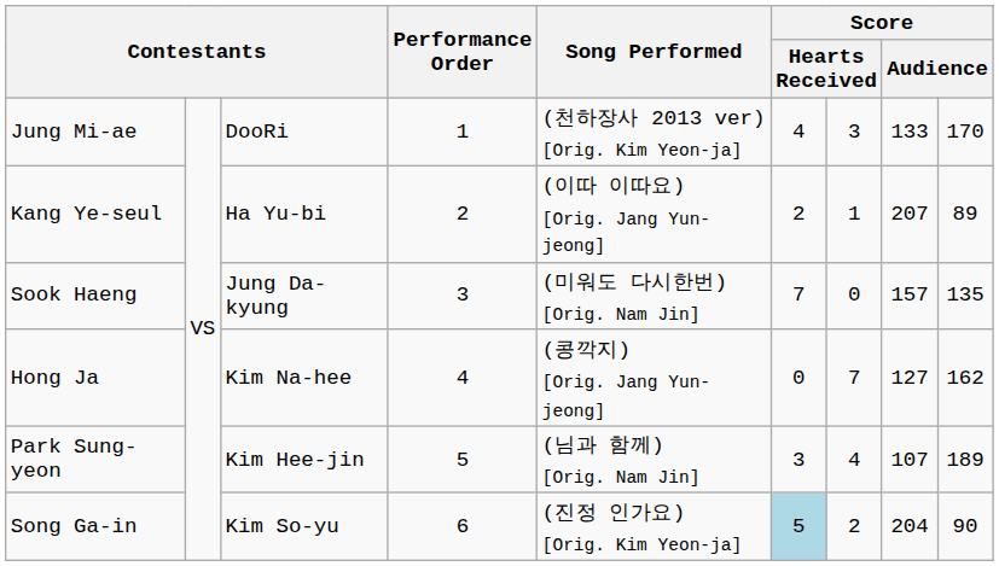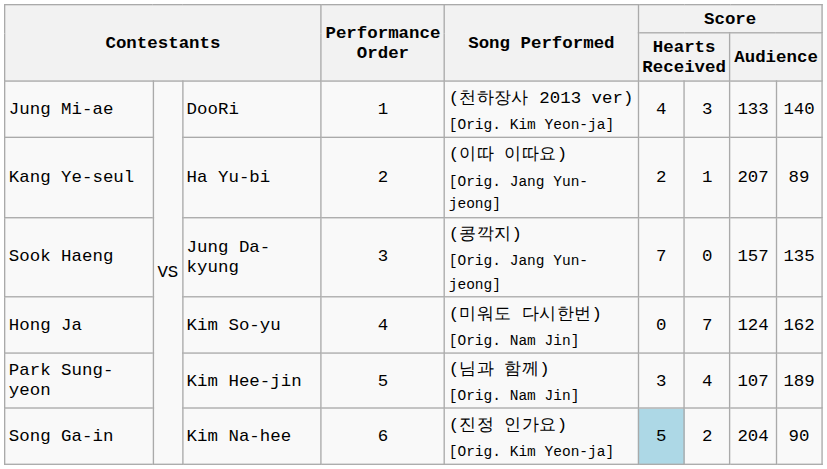 <table class="wikitable">
 <tr>
 <th colspan=3 rowspan=2>Contestants</th>
 <th rowspan=2>Performance<br>Order</th>
 <th rowspan=2>Song Performed</th>
 <th colspan=4>Score</th>
 </tr>
 <tr>
 <th colspan=2>Hearts<br>Received</th>
 <th colspan=2>Audience</th>
 </tr>
 <tr>
 <td>Jung Mi-ae</td>
 <td rowspan=6>VS</td>
 <td>DooRi</td>
 <td align=center>1</td>
 <td>(천하장사 2013 ver)<br><sub>[Orig. Kim Yeon-ja]</sub></td>
 <td align=center>4</td>
 <td align=center>3</td>
 <td align=center>133</td>
-<td align=center>170</td>
+<td align=center>140</td>
 </tr>
 <tr>
 <td>Kang Ye-seul</td>
 <td>Ha Yu-bi</td>
 <td align=center>2</td>
 <td>(이따 이따요)<br><sub>[Orig. Jang Yun-jeong]</sub></td>
 <td align=center>2</td>
 <td align=center>1</td>
 <td align=center>207</td>
 <td align=center>89</td>
 </tr>
 <tr>
 <td>Sook Haeng</td>
 <td>Jung Da-kyung</td>
 <td align=center>3</td>
-<td>(미워도 다시한번)<br><sub>[Orig. Nam Jin]</sub></td>
+<td>(콩깍지)<br><sub>[Orig. Jang Yun-jeong]</sub></td>
 <td align=center>7</td>
 <td align=center>0</td>
 <td align=center>157</td>
 <td align=center>135</td>
 </tr>
 <tr>
 <td>Hong Ja</td>
-<td>Kim Na-hee</td>
+<td>Kim So-yu</td>
 <td align=center>4</td>
-<td>(콩깍지)<br><sub>[Orig. Jang Yun-jeong]</sub></td>
+<td>(미워도 다시한번)<br><sub>[Orig. Nam Jin]</sub></td>
 <td align=center>0</td>
 <td align=center>7</td>
-<td align=center>127</td>
+<td align=center>124</td>
 <td align=center>162</td>
 </tr>
 <tr>
 <td>Park Sung-yeon</td>
 <td>Kim Hee-jin</td>
 <td align=center>5</td>
 <td>(님과 함께)<br><sub>[Orig. Nam Jin]</sub></td>
 <td align=center>3</td>
 <td align=center>4</td>
 <td align=center>107</td>
 <td align=center>189</td>
 </tr>
 <tr>
 <td>Song Ga-in</td>
-<td>Kim So-yu</td>
+<td>Kim Na-hee</td>
 <td align=center>6</td>
 <td>(진정 인가요)<br><sub>[Orig. Kim Yeon-ja]</sub></td>
 <td align=center style="background: lightblue;">5</td>
 <td align=center>2</td>
 <td align=center>204</td>
 <td align=center>90</td>
 </tr>
 </table>
